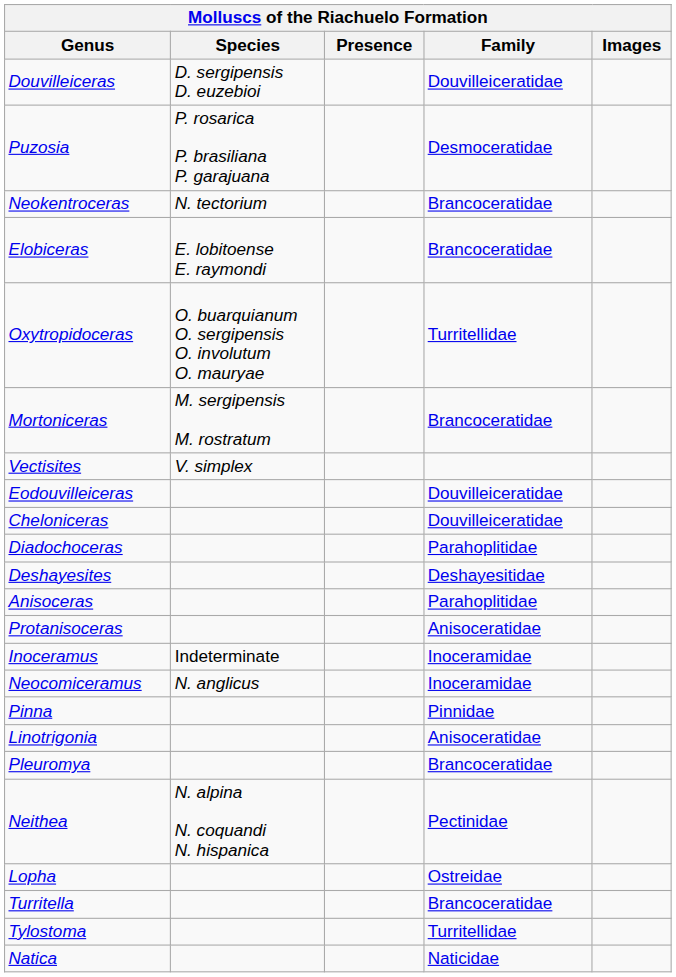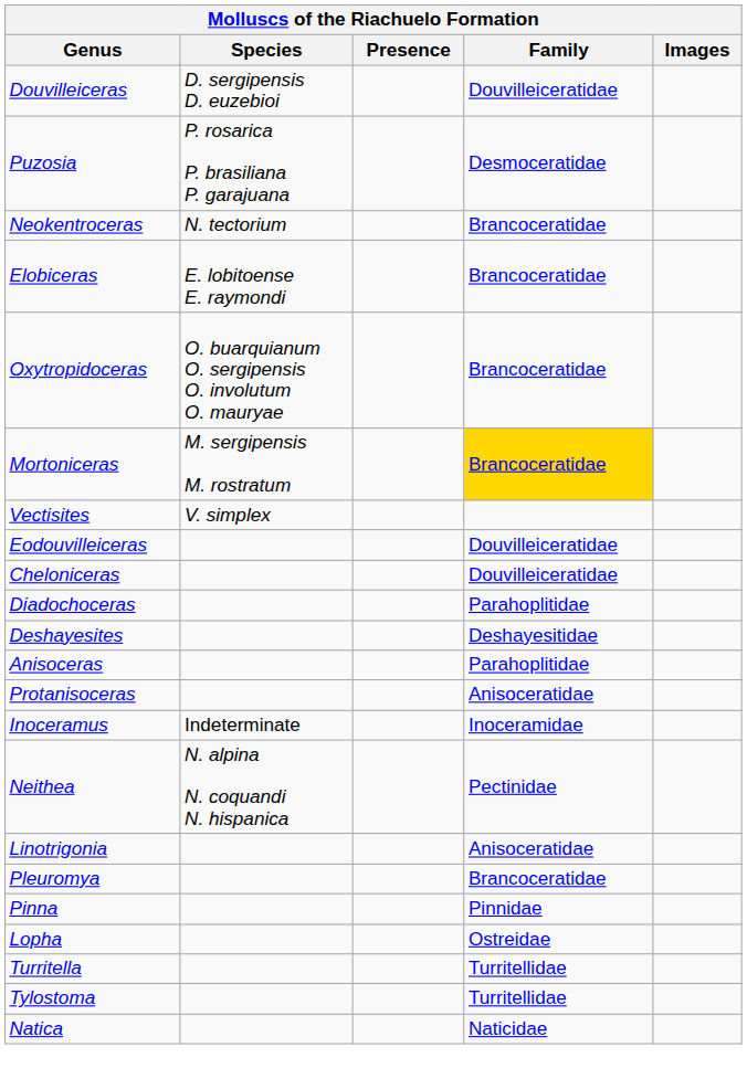 <table class="wikitable" align="center" width="100%">
 <tr>
 <th colspan="5" align="center"><strong><a href='#'>Molluscs</a> of the Riachuelo Formation</strong></th>
 </tr>
 <tr>
 <th>Genus</th>
 <th>Species</th>
 <th>Presence</th>
 <th>Family</th>
 <th>Images</th>
 </tr>
 <tr>
 <td><em><a href='#'>Douvilleiceras</a></em></td>
 <td><em>D. sergipensis</em><br><em>D. euzebioi</em></td>
 <td></td>
 <td><a href='#'>Douvilleiceratidae</a></td>
 <td></td>
 </tr>
 <tr>
 <td><em><a href='#'>Puzosia</a></em></td>
 <td><em>P. rosarica</em><br><br><em>P. brasiliana</em><br> <em>P. garajuana</em></td>
 <td></td>
 <td><a href='#'>Desmoceratidae</a></td>
 <td></td>
 </tr>
 <tr>
 <td><em><a href='#'>Neokentroceras</a></em></td>
 <td><em>N. tectorium</em></td>
 <td></td>
 <td><a href='#'>Brancoceratidae</a></td>
 <td></td>
 </tr>
 <tr>
 <td><em><a href='#'>Elobiceras</a></em></td>
 <td><br><em>E. lobitoense</em><br><em>E. raymondi</em></td>
 <td></td>
 <td><a href='#'>Brancoceratidae</a></td>
 <td></td>
 </tr>
 <tr>
 <td><em><a href='#'>Oxytropidoceras</a></em></td>
 <td><br><em>O. buarquianum</em><br><em>O. sergipensis</em> <br> <em>O. involutum</em> <br> <em>O. mauryae</em></td>
 <td></td>
-<td><a href='#'>Turritellidae</a></td>
+<td><a href='#'>Brancoceratidae</a></td>
 <td></td>
 </tr>
 <tr>
 <td><em><a href='#'>Mortoniceras</a></em></td>
 <td><em>M. sergipensis</em><br><br><em>M. rostratum</em></td>
 <td></td>
-<td><a href='#'>Brancoceratidae</a></td>
+<td style="background: gold;"><a href='#'>Brancoceratidae</a></td>
 <td></td>
 </tr>
 <tr>
 <td><em><a href='#'>Vectisites</a></em></td>
 <td><em>V. simplex</em></td>
 <td></td>
 <td></td>
 <td></td>
 </tr>
 <tr>
 <td><em><a href='#'>Eodouvilleiceras</a></em></td>
 <td></td>
 <td></td>
 <td><a href='#'>Douvilleiceratidae</a></td>
 <td></td>
 </tr>
 <tr>
 <td><em><a href='#'>Cheloniceras</a></em></td>
 <td></td>
 <td></td>
 <td><a href='#'>Douvilleiceratidae</a></td>
 <td></td>
 </tr>
 <tr>
 <td><em><a href='#'>Diadochoceras</a></em></td>
 <td></td>
 <td></td>
 <td><a href='#'>Parahoplitidae</a></td>
 <td></td>
 </tr>
 <tr>
 <td><em><a href='#'>Deshayesites</a></em></td>
 <td></td>
 <td></td>
 <td><a href='#'>Deshayesitidae</a></td>
 <td></td>
 </tr>
 <tr>
 <td><em><a href='#'>Anisoceras</a></em></td>
 <td></td>
 <td></td>
 <td><a href='#'>Parahoplitidae</a></td>
 <td></td>
 </tr>
 <tr>
 <td><em><a href='#'>Protanisoceras</a></em></td>
 <td></td>
 <td></td>
 <td><a href='#'>Anisoceratidae</a></td>
 <td></td>
 </tr>
 <tr>
 <td><em><a href='#'>Inoceramus</a></em></td>
 <td>Indeterminate</td>
 <td></td>
 <td><a href='#'>Inoceramidae</a></td>
 <td></td>
 </tr>
 <tr>
-<td><em><a href='#'>Neocomiceramus</a></em></td>
-<td><em>N. anglicus</em></td>
+<td><em><a href='#'>Neithea</a></em></td>
+<td><em>N. alpina</em><br><br><em>N. coquandi</em><br> <em>N. hispanica</em><br></td>
 <td></td>
-<td><a href='#'>Inoceramidae</a></td>
-<td></td>
-</tr>
-<tr>
-<td><em><a href='#'>Pinna</a></em></td>
-<td></td>
-<td></td>
-<td><a href='#'>Pinnidae</a></td>
-<td></td>
+<td><a href='#'>Pectinidae</a></td>
+<td><br></td>
 </tr>
 <tr>
 <td><em><a href='#'>Linotrigonia</a></em></td>
 <td></td>
 <td></td>
 <td><a href='#'>Anisoceratidae</a></td>
 <td></td>
 </tr>
 <tr>
 <td><em><a href='#'>Pleuromya</a></em></td>
 <td></td>
 <td></td>
 <td><a href='#'>Brancoceratidae</a></td>
 <td></td>
 </tr>
 <tr>
-<td><em><a href='#'>Neithea</a></em></td>
-<td><em>N. alpina</em><br><br><em>N. coquandi</em><br> <em>N. hispanica</em><br></td>
+<td><em><a href='#'>Pinna</a></em></td>
 <td></td>
-<td><a href='#'>Pectinidae</a></td>
-<td><br></td>
+<td></td>
+<td><a href='#'>Pinnidae</a></td>
+<td></td>
 </tr>
 <tr>
 <td><em><a href='#'>Lopha</a></em></td>
 <td></td>
 <td></td>
 <td><a href='#'>Ostreidae</a></td>
 <td></td>
 </tr>
 <tr>
 <td><em><a href='#'>Turritella</a></em></td>
 <td></td>
 <td></td>
-<td><a href='#'>Brancoceratidae</a></td>
+<td><a href='#'>Turritellidae</a></td>
 <td></td>
 </tr>
 <tr>
 <td><em><a href='#'>Tylostoma</a></em></td>
 <td></td>
 <td></td>
 <td><a href='#'>Turritellidae</a></td>
 <td></td>
 </tr>
 <tr>
 <td><em><a href='#'>Natica</a></em></td>
 <td></td>
 <td></td>
 <td><a href='#'>Naticidae</a></td>
 <td></td>
 </tr>
 </table>
